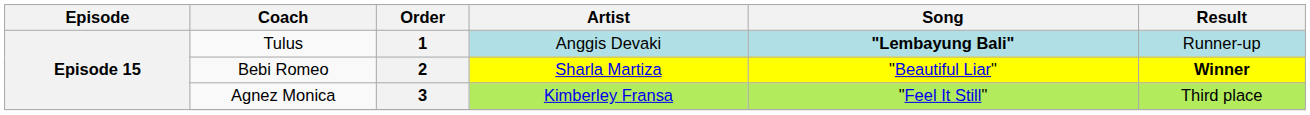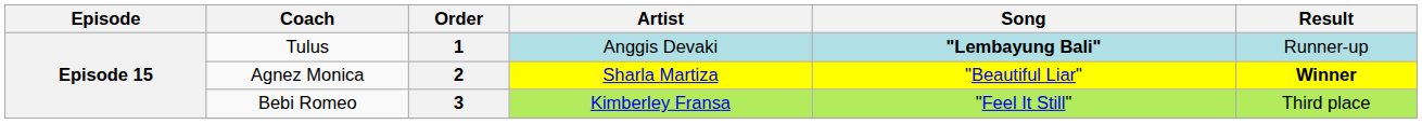 <table class="wikitable" style="text-align:center; width:100%;">
 <tr>
 <th style="width:10%;">Episode</th>
 <th style="width:10%;">Coach</th>
 <th style="width:05%;">Order</th>
 <th style="width:15%;">Artist</th>
 <th style="width:21%;">Song</th>
 <th style="width:9%;">Result</th>
 </tr>
 <tr>
 <th rowspan="15" scope="row">Episode 15<br><small></small></th>
 <td>Tulus</td>
 <th>1</th>
 <td style="background:#b0e0e6">Anggis Devaki</td>
 <td style="background:#b0e0e6"><strong>"Lembayung Bali"</strong></td>
 <td style="background:#b0e0e6">Runner-up</td>
 </tr>
 <tr>
-<td>Bebi Romeo</td>
+<td>Agnez Monica</td>
 <th>2</th>
 <td style="background:yellow"><a href='#'>Sharla Martiza</a></td>
 <td style="background:yellow">"<a href='#'>Beautiful Liar</a>"</td>
 <td style="background:yellow"><strong>Winner</strong></td>
 </tr>
 <tr>
-<td>Agnez Monica</td>
+<td>Bebi Romeo</td>
 <th>3</th>
 <td style="background:#b2ec5d"><a href='#'>Kimberley Fransa</a></td>
 <td style="background:#b2ec5d">"<a href='#'>Feel It Still</a>"</td>
 <td style="background:#b2ec5d">Third place</td>
 </tr>
 <tr>
 </tr>
 </table>
